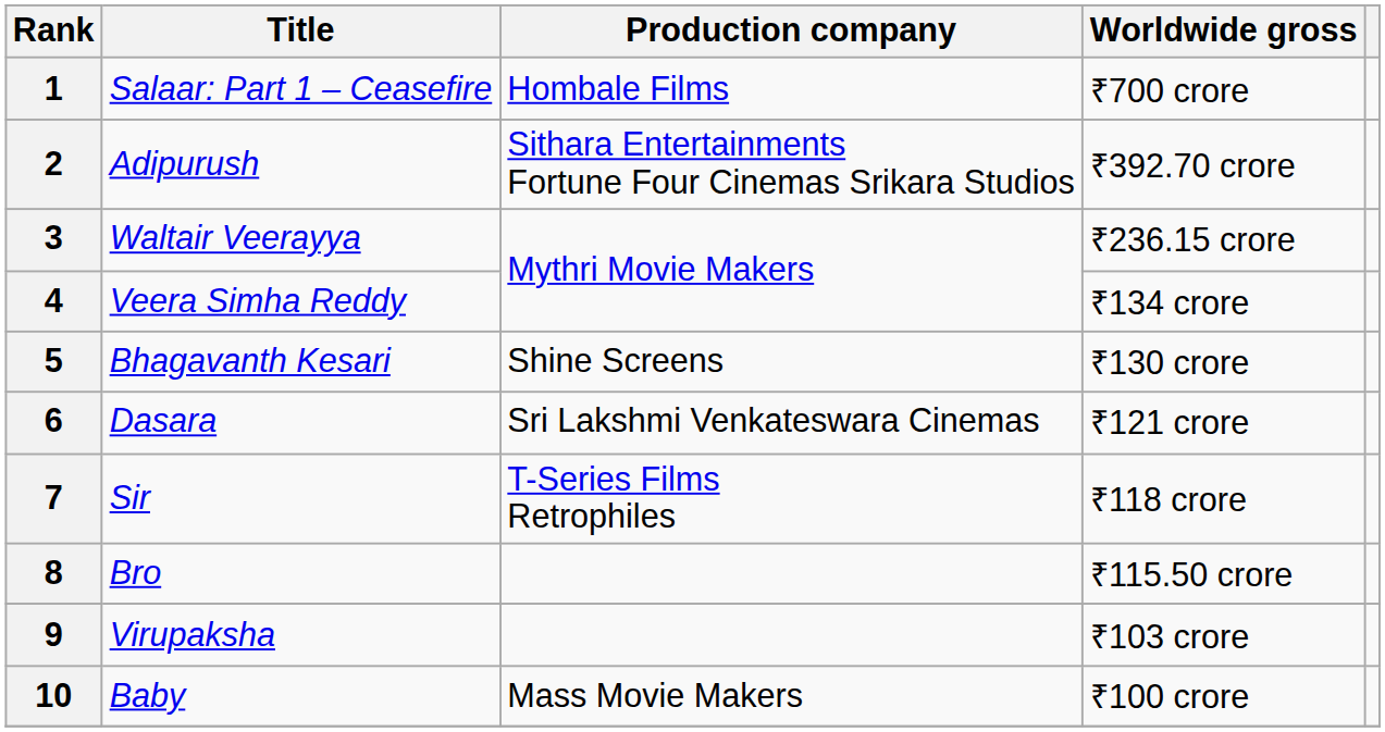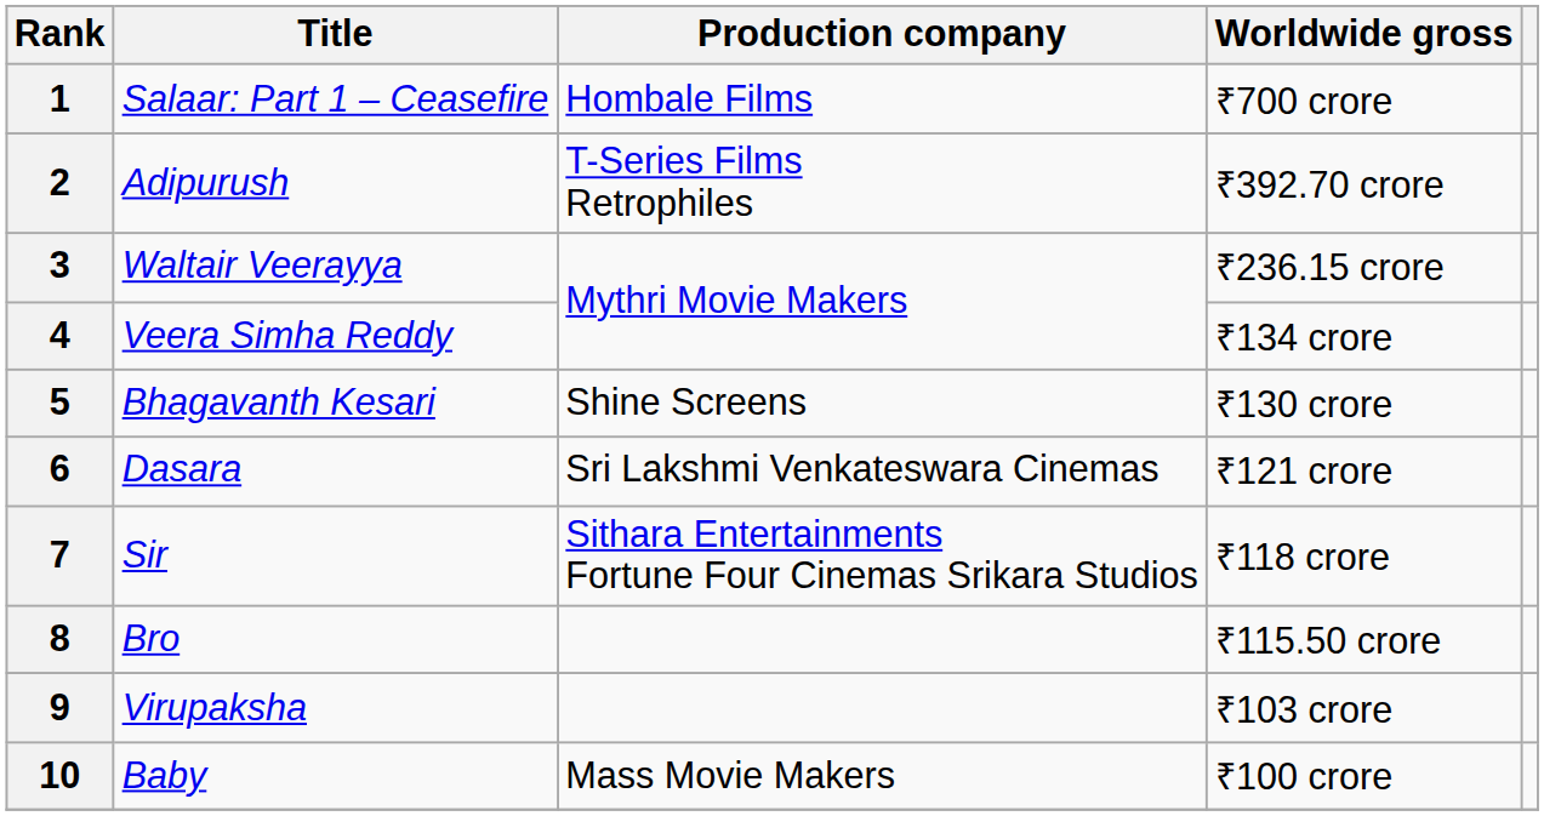 <table class="wikitable sortable" style="margin:auto; margin:auto;">
 <tr>
 <th>Rank</th>
 <th>Title</th>
 <th>Production company</th>
 <th>Worldwide gross</th>
 <th class="unsortable"></th>
 </tr>
 <tr>
 <th>1</th>
 <td scope="row"><a href='#'><em>Salaar: Part 1 – Ceasefire</em></a></td>
 <td><a href='#'>Hombale Films</a></td>
 <td>₹700 crore</td>
 <td></td>
 </tr>
 <tr>
 <th>2</th>
 <td><em><a href='#'>Adipurush</a></em></td>
-<td rowspan="1"><a href='#'>Sithara Entertainments</a><br>Fortune Four Cinemas Srikara Studios</td>
+<td><a href='#'>T-Series Films</a><br>Retrophiles</td>
 <td>₹392.70 crore</td>
 <td></td>
 </tr>
 <tr>
 <th>3</th>
 <td><em><a href='#'>Waltair Veerayya</a></em></td>
 <td rowspan="2"><a href='#'>Mythri Movie Makers</a></td>
 <td>₹236.15 crore</td>
 <td></td>
 </tr>
 <tr>
 <th>4</th>
 <td><em><a href='#'>Veera Simha Reddy</a></em></td>
 <td>₹134 crore</td>
 <td></td>
 </tr>
 <tr>
 <th>5</th>
 <td><em><a href='#'>Bhagavanth Kesari</a></em></td>
 <td>Shine Screens</td>
 <td>₹130 crore</td>
 <td></td>
 </tr>
 <tr>
 <th>6</th>
 <td><em><a href='#'>Dasara</a></em></td>
 <td>Sri Lakshmi Venkateswara Cinemas</td>
 <td>₹121 crore</td>
 <td></td>
 </tr>
 <tr>
 <th>7</th>
 <td><a href='#'><em>Sir</em></a></td>
-<td><a href='#'>T-Series Films</a><br>Retrophiles</td>
+<td rowspan="1"><a href='#'>Sithara Entertainments</a><br>Fortune Four Cinemas Srikara Studios</td>
 <td>₹118 crore</td>
 <td></td>
 </tr>
 <tr>
 <th>8</th>
 <td><em><a href='#'>Bro</a></em></td>
 <td></td>
 <td>₹115.50 crore</td>
 <td></td>
 </tr>
 <tr>
 <th>9</th>
 <td><em><a href='#'>Virupaksha</a></em></td>
 <td></td>
 <td>₹103 crore</td>
 <td></td>
 </tr>
 <tr>
 <th>10</th>
 <td><em><a href='#'>Baby</a></em></td>
 <td>Mass Movie Makers</td>
 <td>₹100 crore</td>
 <td></td>
 </tr>
 <tr>
 </tr>
 </table>
